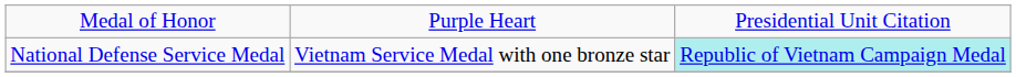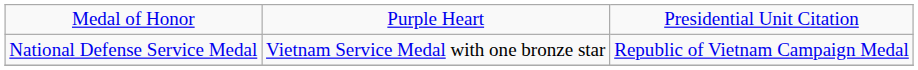 <table class="wikitable" style="margin:1em auto; text-align:center;">
 <tr>
 <td><a href='#'>Medal of Honor</a></td>
 <td><a href='#'>Purple Heart</a></td>
 <td><a href='#'>Presidential Unit Citation</a></td>
 </tr>
 <tr>
 <td><a href='#'>National Defense Service Medal</a></td>
 <td><a href='#'>Vietnam Service Medal</a> with one bronze star</td>
-<td style="background: paleturquoise;"><a href='#'>Republic of Vietnam Campaign Medal</a></td>
+<td><a href='#'>Republic of Vietnam Campaign Medal</a></td>
 </tr>
 <tr>
 </tr>
 </table>
